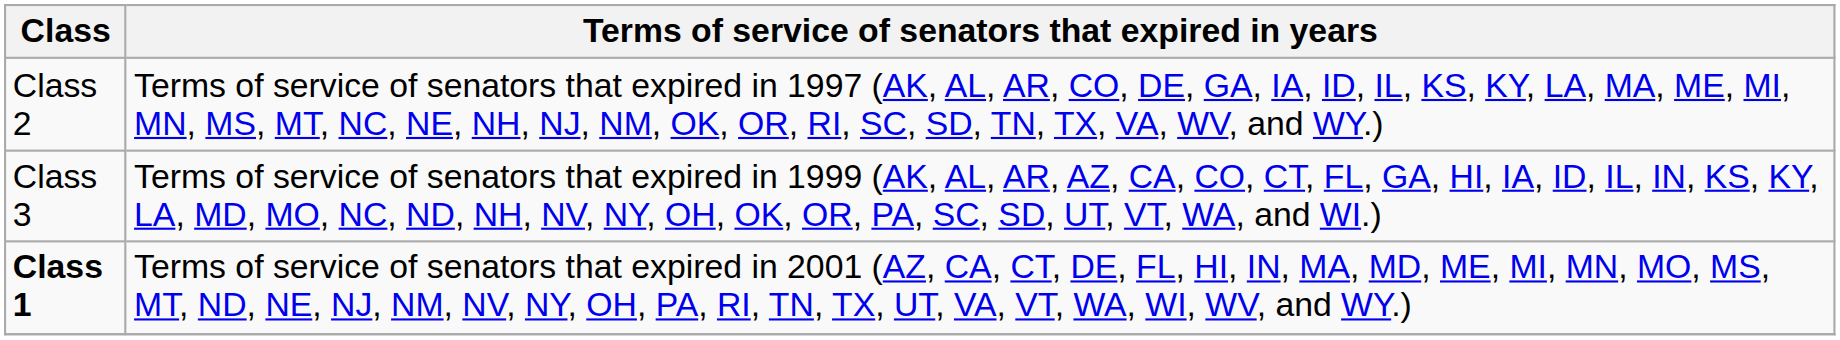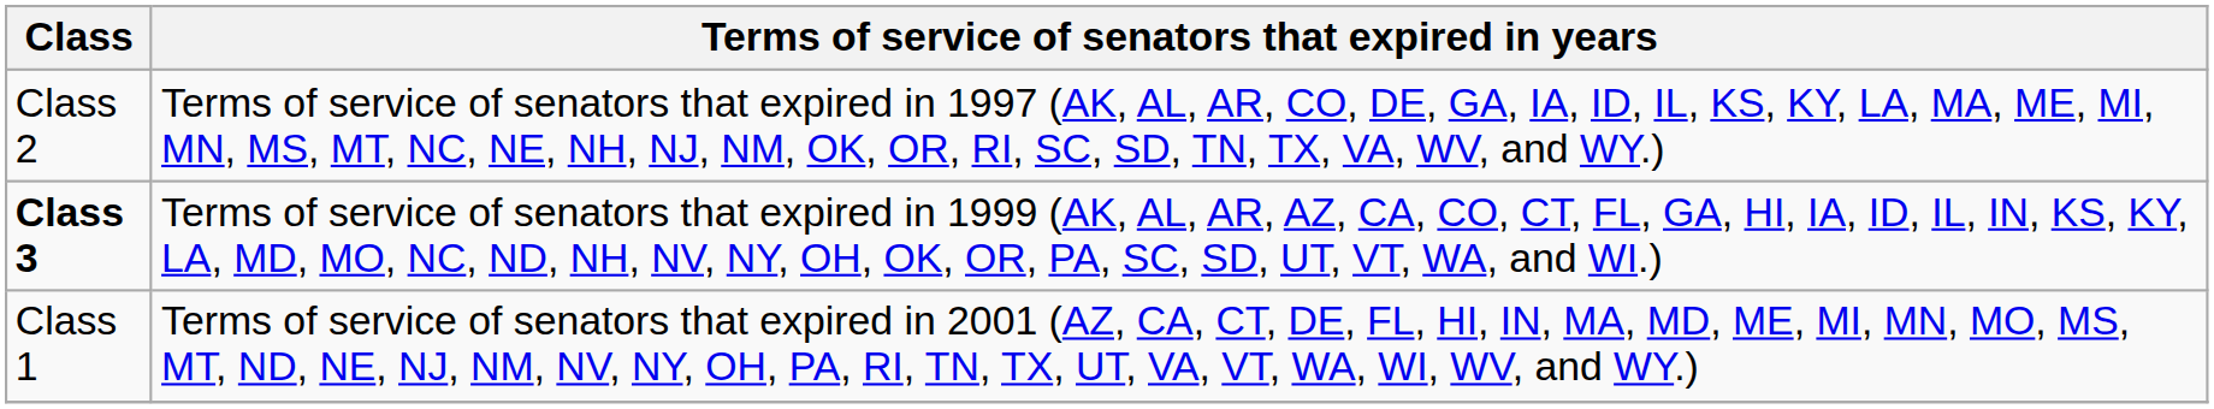 <table class="wikitable sortable">
 <tr valign=bottom>
 <th>Class</th>
 <th>Terms of service of senators that expired in years</th>
 </tr>
 <tr>
 <td>Class 2</td>
 <td>Terms of service of senators that expired in 1997 (<a href='#'>AK</a>, <a href='#'>AL</a>, <a href='#'>AR</a>, <a href='#'>CO</a>, <a href='#'>DE</a>, <a href='#'>GA</a>, <a href='#'>IA</a>, <a href='#'>ID</a>, <a href='#'>IL</a>, <a href='#'>KS</a>, <a href='#'>KY</a>, <a href='#'>LA</a>, <a href='#'>MA</a>, <a href='#'>ME</a>, <a href='#'>MI</a>, <a href='#'>MN</a>, <a href='#'>MS</a>, <a href='#'>MT</a>, <a href='#'>NC</a>, <a href='#'>NE</a>, <a href='#'>NH</a>, <a href='#'>NJ</a>, <a href='#'>NM</a>, <a href='#'>OK</a>, <a href='#'>OR</a>, <a href='#'>RI</a>, <a href='#'>SC</a>, <a href='#'>SD</a>, <a href='#'>TN</a>, <a href='#'>TX</a>, <a href='#'>VA</a>, <a href='#'>WV</a>, and <a href='#'>WY</a>.)</td>
 </tr>
 <tr>
-<td>Class 3</td>
+<td><strong>Class 3</strong></td>
 <td>Terms of service of senators that expired in 1999 (<a href='#'>AK</a>, <a href='#'>AL</a>, <a href='#'>AR</a>, <a href='#'>AZ</a>, <a href='#'>CA</a>, <a href='#'>CO</a>, <a href='#'>CT</a>, <a href='#'>FL</a>, <a href='#'>GA</a>, <a href='#'>HI</a>, <a href='#'>IA</a>, <a href='#'>ID</a>, <a href='#'>IL</a>, <a href='#'>IN</a>,  <a href='#'>KS</a>, <a href='#'>KY</a>, <a href='#'>LA</a>, <a href='#'>MD</a>, <a href='#'>MO</a>, <a href='#'>NC</a>, <a href='#'>ND</a>, <a href='#'>NH</a>, <a href='#'>NV</a>, <a href='#'>NY</a>, <a href='#'>OH</a>, <a href='#'>OK</a>, <a href='#'>OR</a>, <a href='#'>PA</a>, <a href='#'>SC</a>, <a href='#'>SD</a>, <a href='#'>UT</a>, <a href='#'>VT</a>, <a href='#'>WA</a>, and <a href='#'>WI</a>.)</td>
 </tr>
 <tr>
-<td><strong>Class 1</strong></td>
+<td>Class 1</td>
 <td>Terms of service of senators that expired in 2001 (<a href='#'>AZ</a>, <a href='#'>CA</a>, <a href='#'>CT</a>, <a href='#'>DE</a>, <a href='#'>FL</a>, <a href='#'>HI</a>, <a href='#'>IN</a>, <a href='#'>MA</a>, <a href='#'>MD</a>, <a href='#'>ME</a>, <a href='#'>MI</a>, <a href='#'>MN</a>, <a href='#'>MO</a>, <a href='#'>MS</a>, <a href='#'>MT</a>, <a href='#'>ND</a>, <a href='#'>NE</a>, <a href='#'>NJ</a>, <a href='#'>NM</a>, <a href='#'>NV</a>, <a href='#'>NY</a>, <a href='#'>OH</a>, <a href='#'>PA</a>, <a href='#'>RI</a>, <a href='#'>TN</a>, <a href='#'>TX</a>, <a href='#'>UT</a>, <a href='#'>VA</a>, <a href='#'>VT</a>, <a href='#'>WA</a>, <a href='#'>WI</a>, <a href='#'>WV</a>, and <a href='#'>WY</a>.)</td>
 </tr>
 <tr>
 </tr>
 </table>
